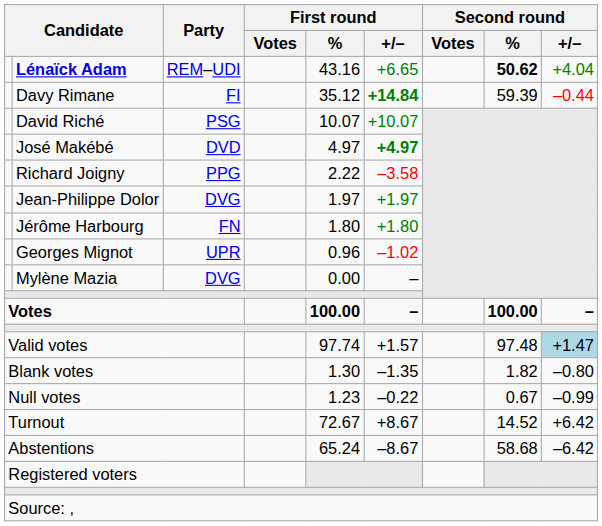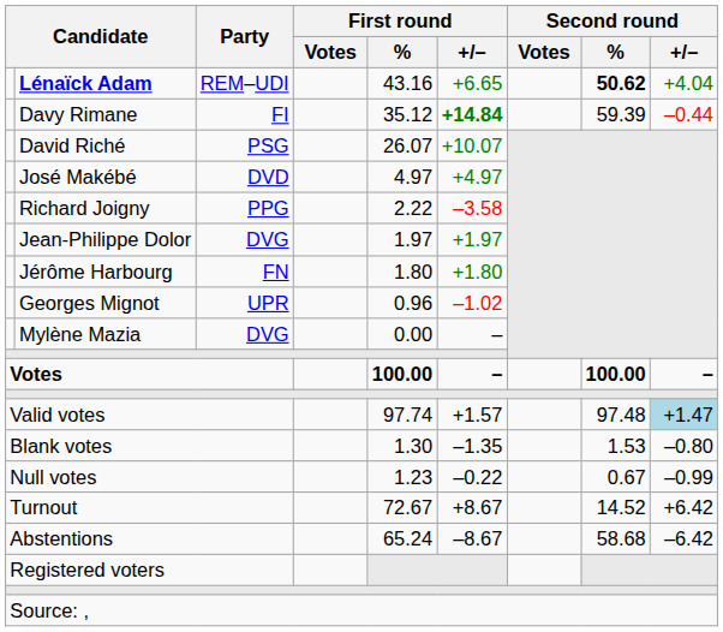 <table class="wikitable" style="text-align:right;font-size:95%;">
 <tr>
 <th colspan="2" rowspan="2">Candidate</th>
 <th rowspan="2">Party</th>
 <th colspan="3">First round</th>
 <th colspan="3">Second round</th>
 </tr>
 <tr>
 <th style="width:50px;">Votes</th>
 <th style="width:45px;">%</th>
 <th style="width:45px;">+/–</th>
 <th style="width:50px;">Votes</th>
 <th style="width:45px;">%</th>
 <th style="width:45px;">+/–</th>
 </tr>
 <tr>
 <td style="color:inherit;background:"></td>
 <td style="text-align:left;"><strong><a href='#'>Lénaïck Adam</a></strong></td>
 <td><a href='#'>REM</a>–<a href='#'>UDI</a></td>
 <td></td>
 <td>43.16</td>
 <td style="color:green;">+6.65</td>
 <td><strong></strong></td>
 <td><strong>50.62</strong></td>
 <td style="color:green;">+4.04</td>
 </tr>
 <tr>
 <td style="color:inherit;background:"></td>
 <td style="text-align:left;">Davy Rimane</td>
 <td><a href='#'>FI</a></td>
 <td></td>
 <td>35.12</td>
 <td style="color:green;"><strong>+14.84</strong></td>
 <td></td>
 <td>59.39</td>
 <td style="color:red;">–0.44</td>
 </tr>
 <tr>
 <td style="color:inherit;background:"></td>
 <td style="text-align:left;">David Riché</td>
 <td><a href='#'>PSG</a></td>
 <td></td>
-<td>10.07</td>
+<td>26.07</td>
 <td style="color:green;">+10.07</td>
 <td colspan="3" rowspan="8" style="background:#E9E9E9;"></td>
 </tr>
 <tr>
 <td style="color:inherit;background:"></td>
 <td style="text-align:left;">José Makébé</td>
 <td><a href='#'>DVD</a></td>
 <td></td>
 <td>4.97</td>
-<td style="color:green;"><strong>+4.97</strong></td>
+<td style="color:green;">+4.97</td>
 </tr>
 <tr>
 <td style="color:inherit;background:"></td>
 <td style="text-align:left;">Richard Joigny</td>
 <td><a href='#'>PPG</a></td>
 <td></td>
 <td>2.22</td>
 <td style="color:red;">–3.58</td>
 </tr>
 <tr>
 <td style="color:inherit;background:"></td>
 <td style="text-align:left;">Jean-Philippe Dolor</td>
 <td><a href='#'>DVG</a></td>
 <td></td>
 <td>1.97</td>
 <td style="color:green;">+1.97</td>
 </tr>
 <tr>
 <td style="color:inherit;background:"></td>
 <td style="text-align:left;">Jérôme Harbourg</td>
 <td><a href='#'>FN</a></td>
 <td></td>
 <td>1.80</td>
 <td style="color:green;">+1.80</td>
 </tr>
 <tr>
 <td style="color:inherit;background:"></td>
 <td style="text-align:left;">Georges Mignot</td>
 <td><a href='#'>UPR</a></td>
 <td></td>
 <td>0.96</td>
 <td style="color:red;">–1.02</td>
 </tr>
 <tr>
 <td style="color:inherit;background:"></td>
 <td style="text-align:left;">Mylène Mazia</td>
 <td><a href='#'>DVG</a></td>
 <td></td>
 <td>0.00</td>
 <td>–</td>
 </tr>
 <tr>
 <td colspan="9" style="background:#E9E9E9;"></td>
 </tr>
 <tr style="font-weight:bold;">
 <td colspan="3" style="text-align:left;">Votes</td>
 <td></td>
 <td>100.00</td>
 <td>–</td>
 <td></td>
 <td>100.00</td>
 <td>–</td>
 </tr>
 <tr>
 <td colspan="9" style="background:#E9E9E9;"></td>
 </tr>
 <tr>
 <td colspan="3" style="text-align:left;">Valid votes</td>
 <td></td>
 <td>97.74</td>
 <td>+1.57</td>
 <td></td>
 <td>97.48</td>
 <td style="background: lightblue;">+1.47</td>
 </tr>
 <tr>
 <td colspan="3" style="text-align:left;">Blank votes</td>
 <td></td>
 <td>1.30</td>
 <td>–1.35</td>
 <td></td>
-<td>1.82</td>
+<td>1.53</td>
 <td>–0.80</td>
 </tr>
 <tr>
 <td colspan="3" style="text-align:left;">Null votes</td>
 <td></td>
 <td>1.23</td>
 <td>–0.22</td>
 <td></td>
 <td>0.67</td>
 <td>–0.99</td>
 </tr>
 <tr>
 <td colspan="3" style="text-align:left;">Turnout</td>
 <td></td>
 <td>72.67</td>
 <td>+8.67</td>
 <td></td>
 <td>14.52</td>
 <td>+6.42</td>
 </tr>
 <tr>
 <td colspan="3" style="text-align:left;">Abstentions</td>
 <td></td>
 <td>65.24</td>
 <td>–8.67</td>
 <td></td>
 <td>58.68</td>
 <td>–6.42</td>
 </tr>
 <tr>
 <td colspan="3" style="text-align:left;">Registered voters</td>
 <td></td>
 <td colspan="2" style="background:#E9E9E9;"></td>
 <td></td>
 <td colspan="2" style="background:#E9E9E9;"></td>
 </tr>
 <tr>
 <td colspan="9" style="background:#E9E9E9;"></td>
 </tr>
 <tr>
 <td colspan="9" style="text-align:left;">Source: , </td>
 </tr>
 </table>
